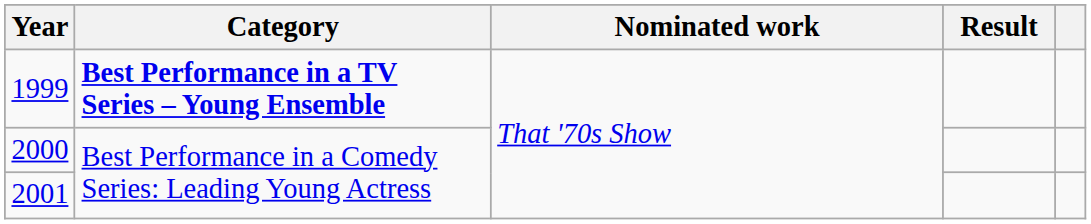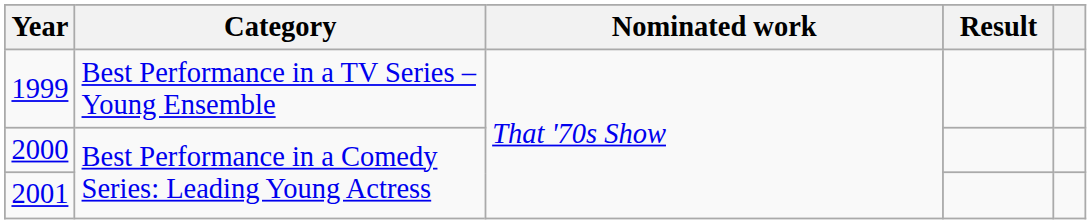 <table class="wikitable sortable">
 <tr>
 <th scope="col" style="width:1em;">Year</th>
 <th scope="col" style="width:33em;">Category</th>
 <th scope="col" style="width:39em;">Nominated work</th>
 <th scope="col" style="width:5em;">Result</th>
 <th scope="col" style="width:2em;" class="unsortable"></th>
 </tr>
 <tr>
 <td><a href='#'>1999</a></td>
-<td><strong><a href='#'>Best Performance in a TV Series – Young Ensemble</a></strong></td>
+<td><a href='#'>Best Performance in a TV Series – Young Ensemble</a></td>
 <td rowspan="3"><em><a href='#'>That '70s Show</a></em></td>
 <td></td>
 <td style="text-align:center;"></td>
 </tr>
 <tr>
 <td><a href='#'>2000</a></td>
 <td rowspan="2"><a href='#'>Best Performance in a Comedy Series: Leading Young Actress</a></td>
 <td></td>
 <td style="text-align:center;"></td>
 </tr>
 <tr>
 <td><a href='#'>2001</a></td>
 <td></td>
 <td style="text-align:center;"></td>
 </tr>
 </table>
